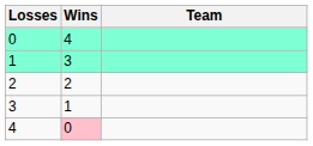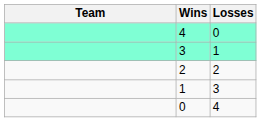 <table class="wikitable">
 <tr>
+<th width=225>Team</th>
+<th>Wins</th>
 <th>Losses</th>
-<th>Wins</th>
-<th width=225>Team</th>
 </tr>
 <tr style="background:#7FFFD4">
+<td></td>
+<td>4</td>
+<td>0</td>
+</tr>
+<tr style="background:#7FFFD4 ">
+<td></td>
+<td>3</td>
+<td>1</td>
+</tr>
+<tr>
+<td></td>
+<td>2</td>
+<td>2</td>
+</tr>
+<tr>
+<td></td>
+<td>1</td>
+<td>3</td>
+</tr>
+<tr>
+<td></td>
 <td>0</td>
 <td>4</td>
-<td></td>
-</tr>
-<tr style="background:#7FFFD4 ">
-<td>1</td>
-<td>3</td>
-<td></td>
-</tr>
-<tr>
-<td>2</td>
-<td>2</td>
-<td></td>
-</tr>
-<tr>
-<td>3</td>
-<td>1</td>
-<td></td>
-</tr>
-<tr>
-<td>4</td>
-<td style="background: pink;">0</td>
-<td></td>
 </tr>
 </table>
